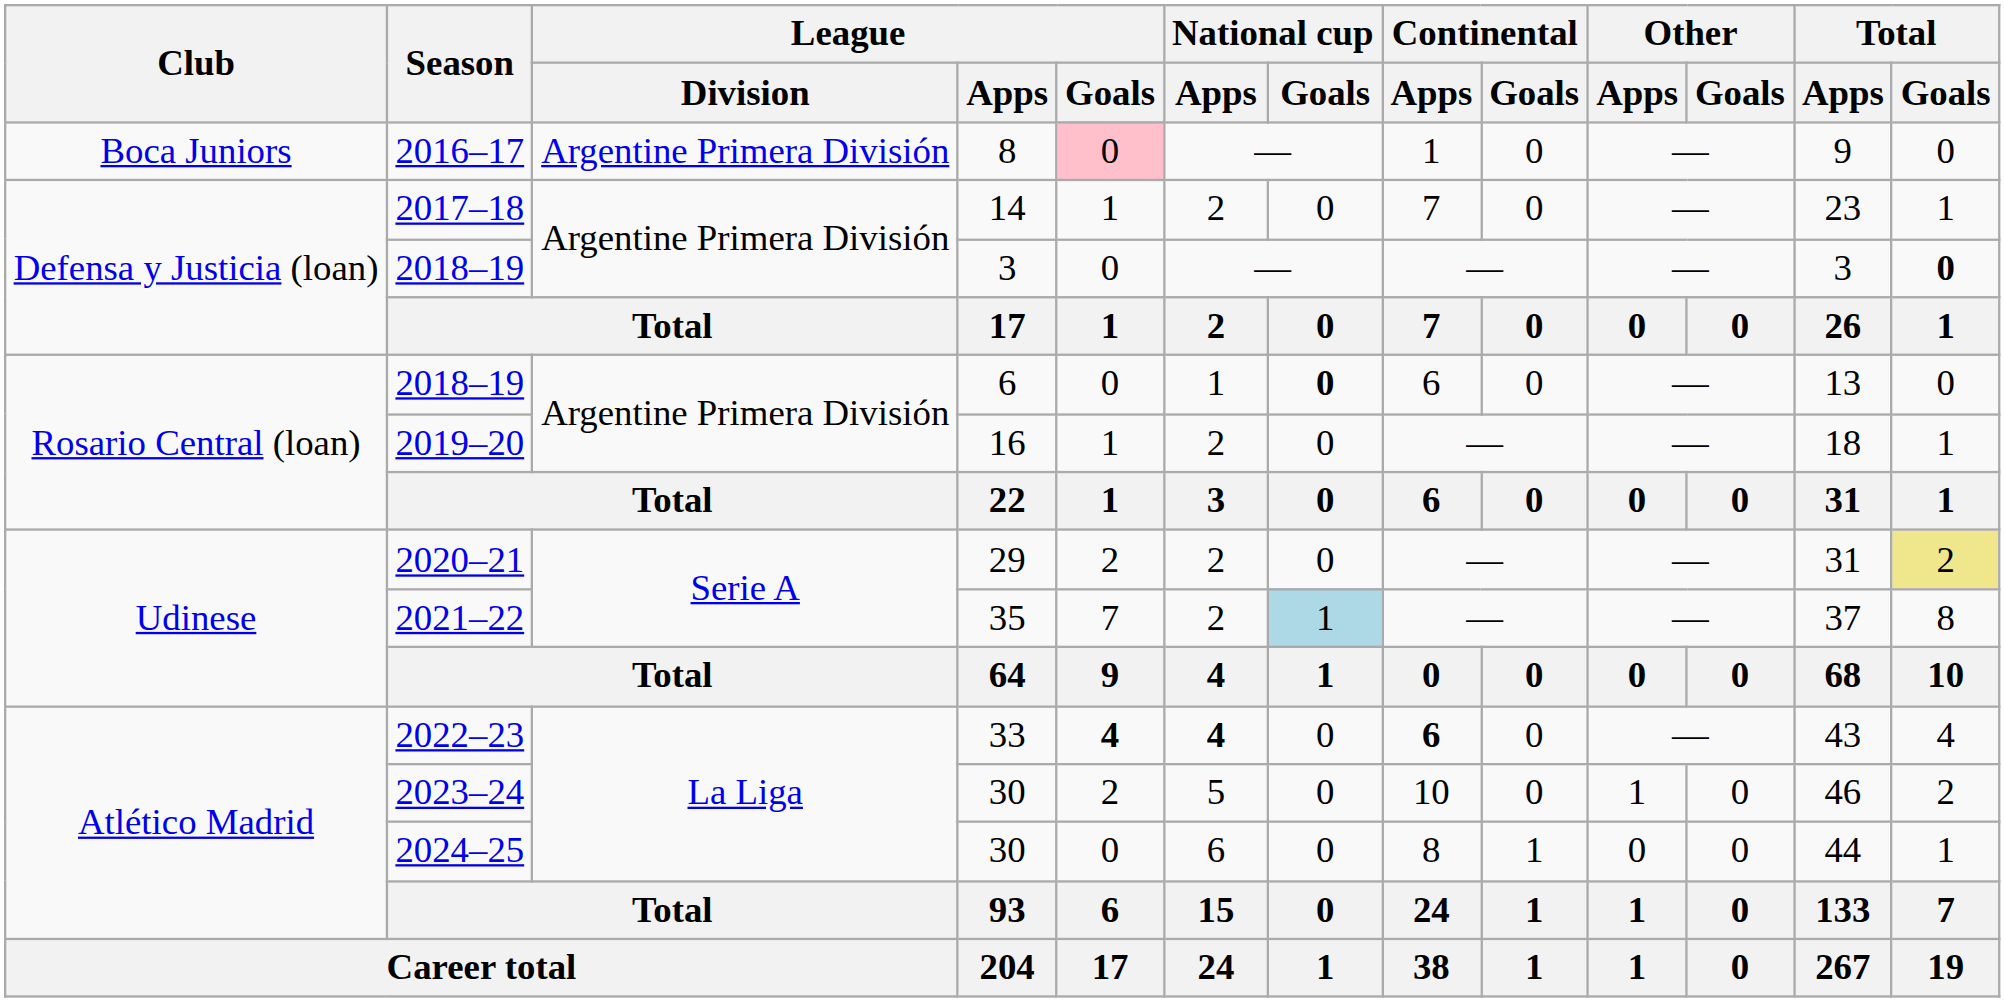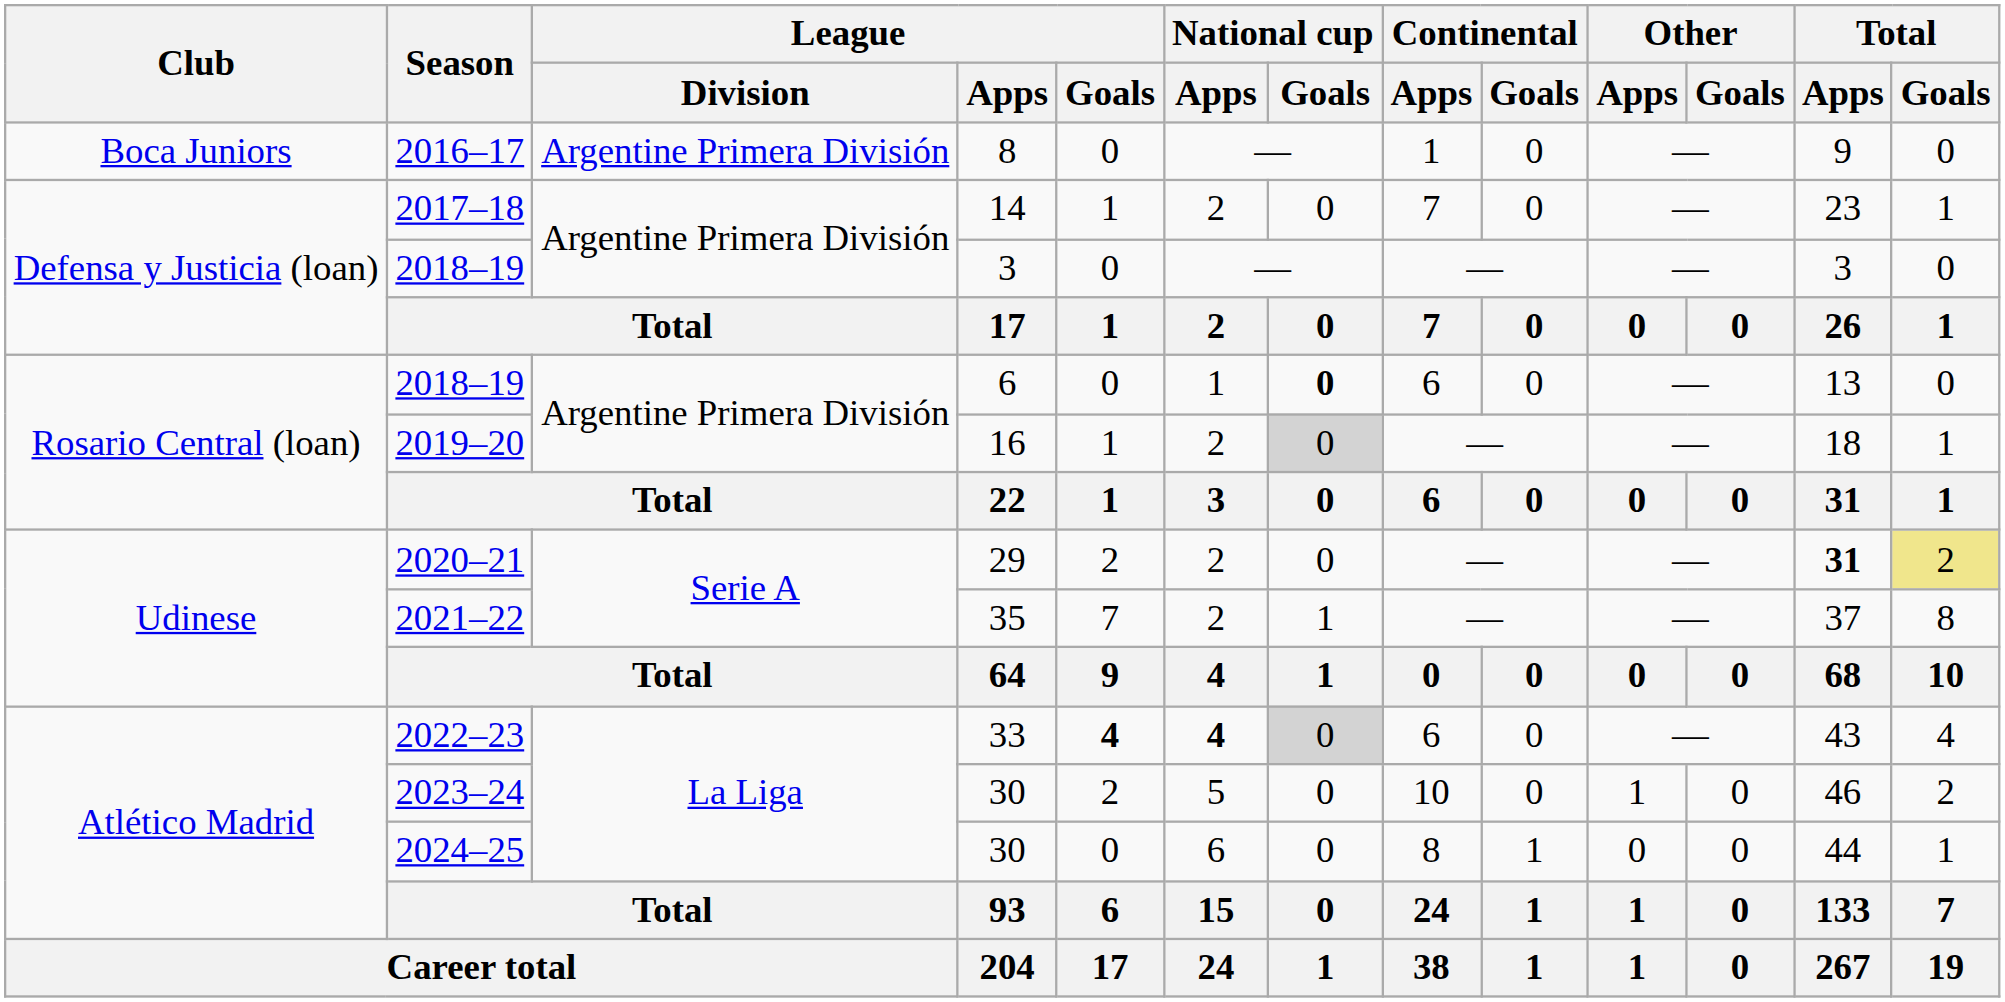 <table class="wikitable" style="text-align:center">
 <tr>
 <th rowspan="2">Club</th>
 <th rowspan="2">Season</th>
 <th colspan="3">League</th>
 <th colspan="2">National cup</th>
 <th colspan="2">Continental</th>
 <th colspan="2">Other</th>
 <th colspan="2">Total</th>
 </tr>
 <tr>
 <th>Division</th>
 <th>Apps</th>
 <th>Goals</th>
 <th>Apps</th>
 <th>Goals</th>
 <th>Apps</th>
 <th>Goals</th>
 <th>Apps</th>
 <th>Goals</th>
 <th>Apps</th>
 <th>Goals</th>
 </tr>
 <tr>
 <td><a href='#'>Boca Juniors</a></td>
 <td><a href='#'>2016–17</a></td>
 <td><a href='#'>Argentine Primera División</a></td>
 <td>8</td>
-<td style="background: pink;">0</td>
+<td>0</td>
 <td colspan="2">—</td>
 <td>1</td>
 <td>0</td>
 <td colspan="2">—</td>
 <td>9</td>
 <td>0</td>
 </tr>
 <tr>
 <td rowspan="3"><a href='#'>Defensa y Justicia</a> (loan)</td>
 <td><a href='#'>2017–18</a></td>
 <td rowspan="2">Argentine Primera División</td>
 <td>14</td>
 <td>1</td>
 <td>2</td>
 <td>0</td>
 <td>7</td>
 <td>0</td>
 <td colspan="2">—</td>
 <td>23</td>
 <td>1</td>
 </tr>
 <tr>
 <td><a href='#'>2018–19</a></td>
 <td>3</td>
 <td>0</td>
 <td colspan="2">—</td>
 <td colspan="2">—</td>
 <td colspan="2">—</td>
 <td>3</td>
-<td><strong>0</strong></td>
+<td>0</td>
 </tr>
 <tr>
 <th colspan="2">Total</th>
 <th>17</th>
 <th>1</th>
 <th>2</th>
 <th>0</th>
 <th>7</th>
 <th>0</th>
 <th>0</th>
 <th>0</th>
 <th>26</th>
 <th>1</th>
 </tr>
 <tr>
 <td rowspan="3"><a href='#'>Rosario Central</a> (loan)</td>
 <td><a href='#'>2018–19</a></td>
 <td rowspan="2">Argentine Primera División</td>
 <td>6</td>
 <td>0</td>
 <td>1</td>
 <td><strong>0</strong></td>
 <td>6</td>
 <td>0</td>
 <td colspan="2">—</td>
 <td>13</td>
 <td>0</td>
 </tr>
 <tr>
 <td><a href='#'>2019–20</a></td>
 <td>16</td>
 <td>1</td>
 <td>2</td>
-<td>0</td>
+<td style="background: lightgrey;">0</td>
 <td colspan="2">—</td>
 <td colspan="2">—</td>
 <td>18</td>
 <td>1</td>
 </tr>
 <tr>
 <th colspan="2">Total</th>
 <th>22</th>
 <th>1</th>
 <th>3</th>
 <th>0</th>
 <th>6</th>
 <th>0</th>
 <th>0</th>
 <th>0</th>
 <th>31</th>
 <th>1</th>
 </tr>
 <tr>
 <td rowspan="3"><a href='#'>Udinese</a></td>
 <td><a href='#'>2020–21</a></td>
 <td rowspan="2"><a href='#'>Serie A</a></td>
 <td>29</td>
 <td>2</td>
 <td>2</td>
 <td>0</td>
 <td colspan="2">—</td>
 <td colspan="2">—</td>
-<td>31</td>
+<td><strong>31</strong></td>
 <td style="background: khaki;">2</td>
 </tr>
 <tr>
 <td><a href='#'>2021–22</a></td>
 <td>35</td>
 <td>7</td>
 <td>2</td>
-<td style="background: lightblue;">1</td>
+<td>1</td>
 <td colspan="2">—</td>
 <td colspan="2">—</td>
 <td>37</td>
 <td>8</td>
 </tr>
 <tr>
 <th colspan="2">Total</th>
 <th>64</th>
 <th>9</th>
 <th>4</th>
 <th>1</th>
 <th>0</th>
 <th>0</th>
 <th>0</th>
 <th>0</th>
 <th>68</th>
 <th>10</th>
 </tr>
 <tr>
 <td rowspan="4"><a href='#'>Atlético Madrid</a></td>
 <td><a href='#'>2022–23</a></td>
 <td rowspan="3"><a href='#'>La Liga</a></td>
 <td>33</td>
 <td><strong>4</strong></td>
 <td><strong>4</strong></td>
-<td>0</td>
-<td><strong>6</strong></td>
+<td style="background: lightgrey;">0</td>
+<td>6</td>
 <td>0</td>
 <td colspan="2">—</td>
 <td>43</td>
 <td>4</td>
 </tr>
 <tr>
 <td><a href='#'>2023–24</a></td>
 <td>30</td>
 <td>2</td>
 <td>5</td>
 <td>0</td>
 <td>10</td>
 <td>0</td>
 <td>1</td>
 <td>0</td>
 <td>46</td>
 <td>2</td>
 </tr>
 <tr>
 <td><a href='#'>2024–25</a></td>
 <td>30</td>
 <td>0</td>
 <td>6</td>
 <td>0</td>
 <td>8</td>
 <td>1</td>
 <td>0</td>
 <td>0</td>
 <td>44</td>
 <td>1</td>
 </tr>
 <tr>
 <th colspan="2">Total</th>
 <th>93</th>
 <th>6</th>
 <th>15</th>
 <th>0</th>
 <th>24</th>
 <th>1</th>
 <th>1</th>
 <th>0</th>
 <th>133</th>
 <th>7</th>
 </tr>
 <tr>
 <th colspan="3">Career total</th>
 <th>204</th>
 <th>17</th>
 <th>24</th>
 <th>1</th>
 <th>38</th>
 <th>1</th>
 <th>1</th>
 <th>0</th>
 <th>267</th>
 <th>19</th>
 </tr>
 </table>
